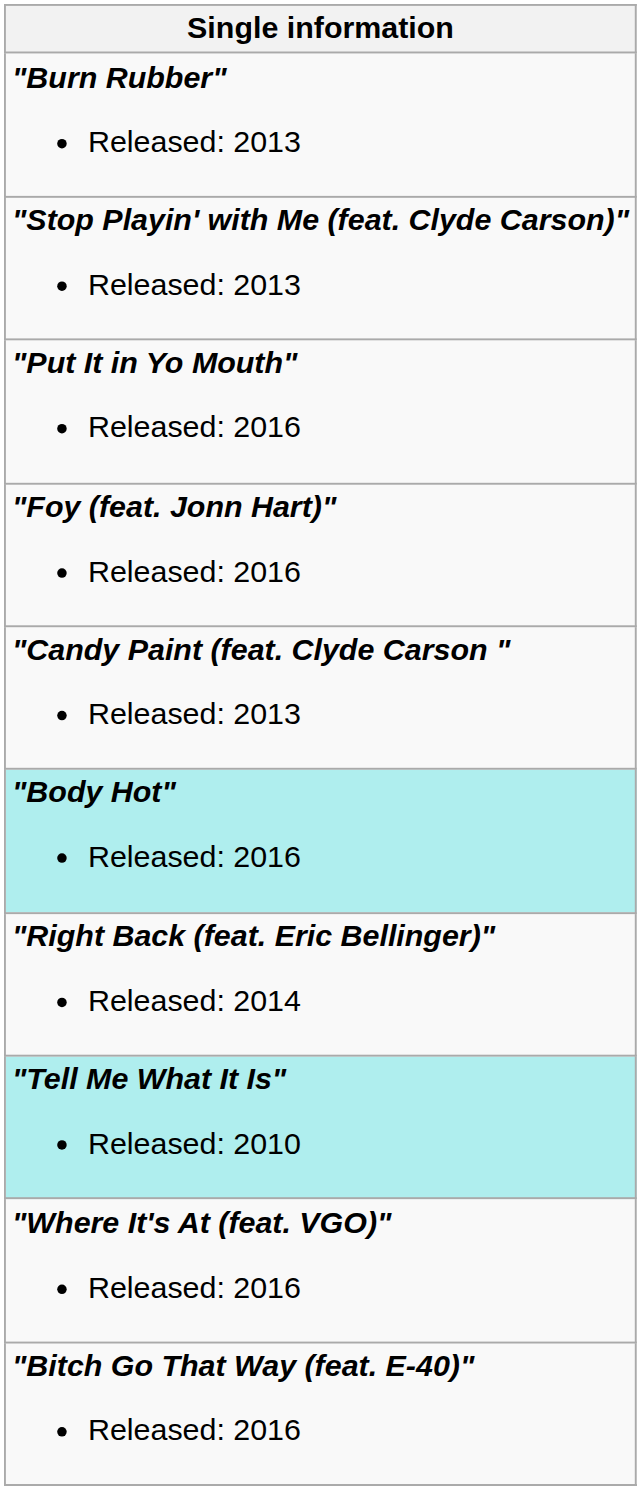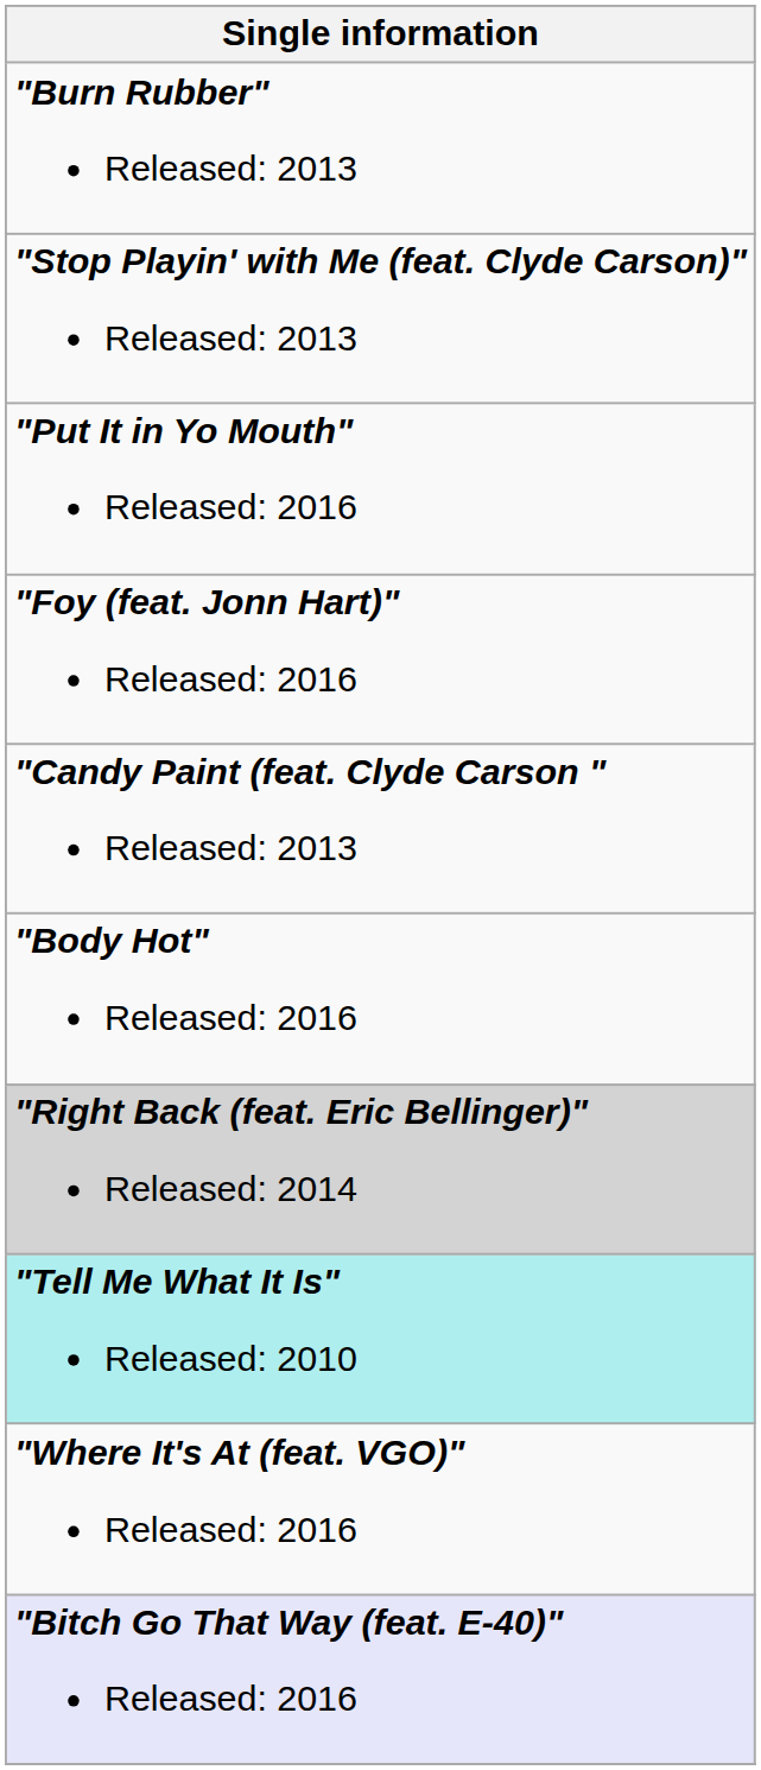 <table class="wikitable">
 <tr>
 <th>Single information</th>
 </tr>
 <tr>
 <td align="left"><strong><em>"Burn Rubber"</em></strong><br><ul><li>Released:  2013</li></ul></td>
 </tr>
 <tr>
 <td align="left"><strong><em>"Stop Playin' with Me (feat. Clyde Carson)"</em></strong><br><ul><li>Released:  2013</li></ul></td>
 </tr>
 <tr |->
 <td align="left"><strong><em>"Put It in Yo Mouth"</em></strong><br><ul><li>Released:  2016</li></ul></td>
 </tr>
 <tr |->
 <td align="left"><strong><em>"Foy (feat. Jonn Hart)"</em></strong><br><ul><li>Released:  2016</li></ul></td>
 </tr>
 <tr |->
 <td align="left"><strong><em>"Candy Paint (feat. Clyde Carson "</em></strong><br><ul><li>Released:  2013</li></ul></td>
 </tr>
 <tr |->
-<td align="left" style="background: paleturquoise;"><strong><em>"Body Hot"</em></strong><br><ul><li>Released:  2016</li></ul></td>
+<td align="left"><strong><em>"Body Hot"</em></strong><br><ul><li>Released:  2016</li></ul></td>
 </tr>
 <tr |->
-<td align="left"><strong><em>"Right Back (feat. Eric Bellinger)"</em></strong><br><ul><li>Released:  2014</li></ul></td>
+<td align="left" style="background: lightgrey;"><strong><em>"Right Back (feat. Eric Bellinger)"</em></strong><br><ul><li>Released:  2014</li></ul></td>
 </tr>
 <tr |->
 <td align="left" style="background: paleturquoise;"><strong><em>"Tell Me What It Is"</em></strong><br><ul><li>Released:  2010</li></ul></td>
 </tr>
 <tr |->
 <td align="left"><strong><em>"Where It's At (feat. VGO)"</em></strong><br><ul><li>Released:  2016</li></ul></td>
 </tr>
 <tr |->
-<td align="left"><strong><em>"Bitch Go That Way (feat. E-40)"</em></strong><br><ul><li>Released:  2016</li></ul></td>
+<td align="left" style="background: lavender;"><strong><em>"Bitch Go That Way (feat. E-40)"</em></strong><br><ul><li>Released:  2016</li></ul></td>
 </tr>
 <tr>
 </tr>
 </table>
